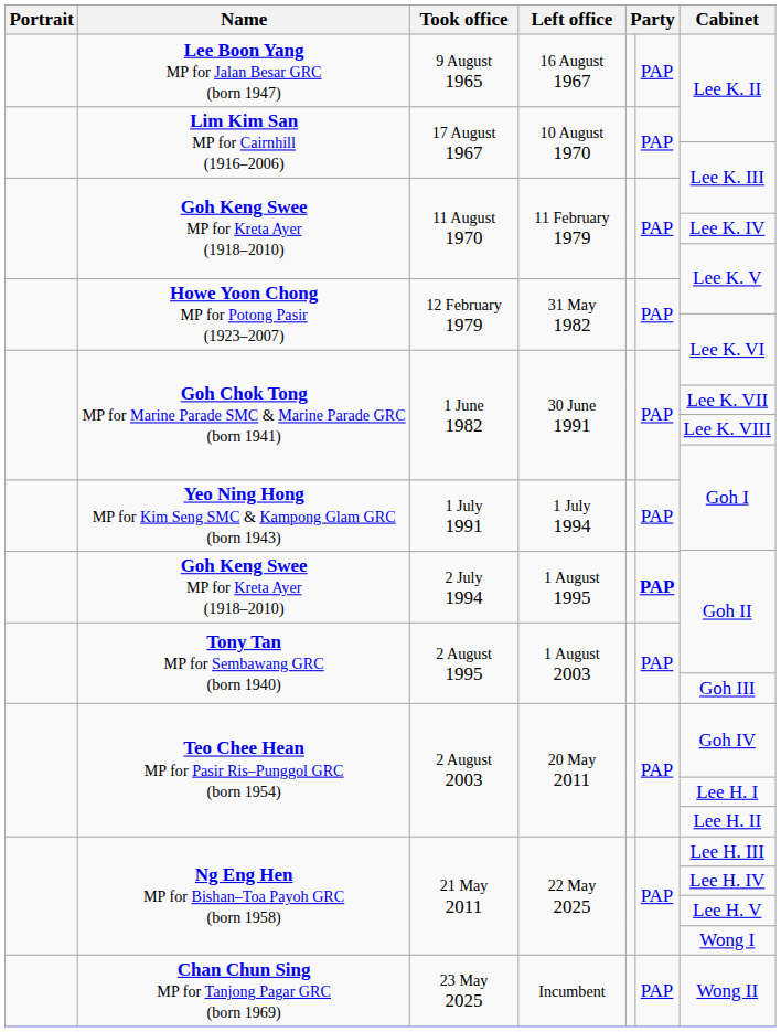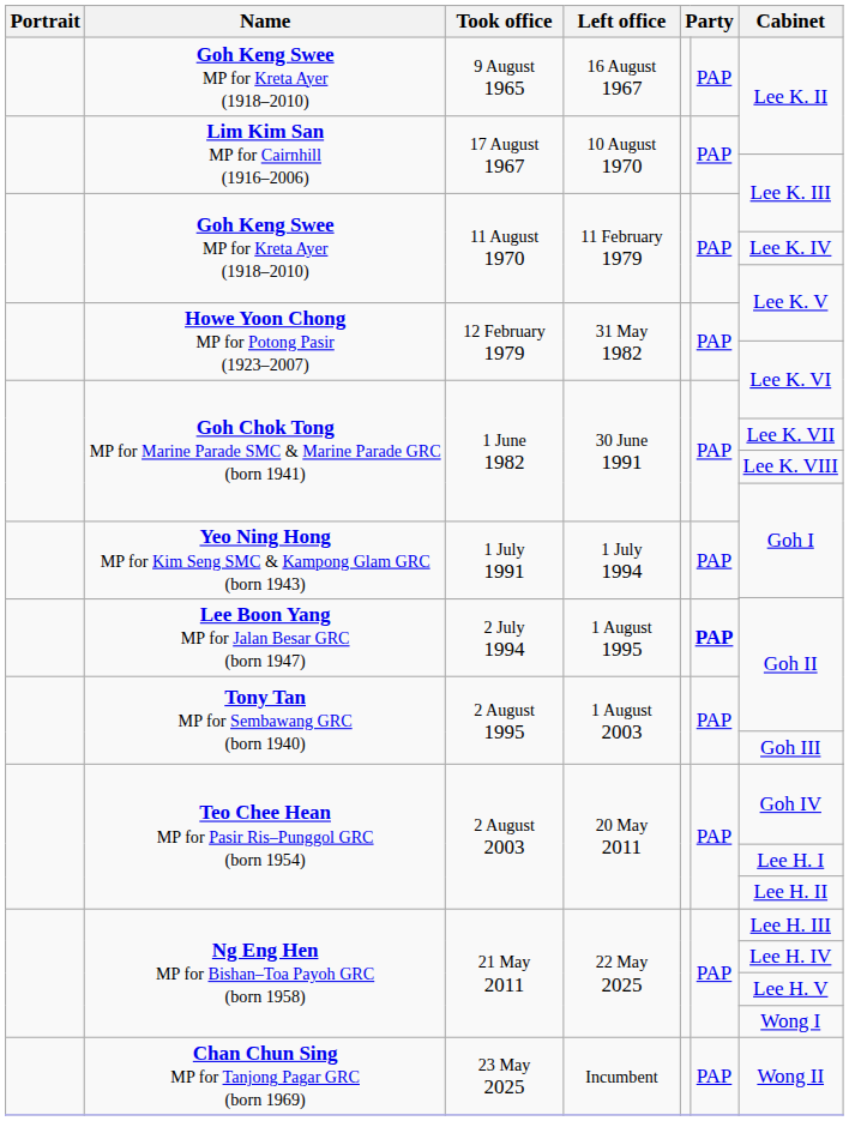 <table class="wikitable" style="text-align:center; border:1px #aaf solid;">
 <tr>
 <th>Portrait</th>
 <th>Name<br></th>
 <th width="85">Took office</th>
 <th width="85">Left office</th>
 <th colspan="2">Party</th>
 <th>Cabinet</th>
 </tr>
 <tr>
 <td></td>
-<td><strong><a href='#'>Lee Boon Yang</a></strong><br><small>MP for <a href='#'>Jalan Besar GRC</a></small><br><small>(born 1947)</small></td>
+<td><strong><a href='#'>Goh Keng Swee</a></strong><br><small>MP for <a href='#'>Kreta Ayer</a></small><br><small>(1918–2010)</small></td>
 <td><small>9 August</small><br>1965</td>
 <td><small>16 August</small><br>1967</td>
 <td style="background:"></td>
 <td><a href='#'>PAP</a></td>
 <td rowspan="2"><a href='#'>Lee K. II</a></td>
 </tr>
 <tr style="height:30px;">
 <td rowspan="2"></td>
 <td rowspan="2"><strong><a href='#'>Lim Kim San</a></strong><br><small>MP for <a href='#'>Cairnhill</a></small><br><small>(1916–2006)</small></td>
 <td rowspan="2"><small>17 August</small><br>1967</td>
 <td rowspan="2"><small>10 August</small><br>1970</td>
 <td rowspan="2" style="background:"></td>
 <td rowspan="2"><a href='#'>PAP</a></td>
 </tr>
 <tr>
 <td rowspan="2"><a href='#'>Lee K. III</a></td>
 </tr>
 <tr style="height:30px;">
 <td rowspan="3"></td>
 <td rowspan="3"><strong><a href='#'>Goh Keng Swee</a></strong><br><small>MP for <a href='#'>Kreta Ayer</a></small><br><small>(1918–2010)</small></td>
 <td rowspan="3"><small>11 August</small><br>1970</td>
 <td rowspan="3"><small>11 February</small><br>1979</td>
 <td rowspan="3" style="background:"></td>
 <td rowspan="3"><a href='#'>PAP</a></td>
 </tr>
 <tr>
 <td><a href='#'>Lee K. IV</a></td>
 </tr>
 <tr style="height:30px;">
 <td rowspan="2"><a href='#'>Lee K. V</a></td>
 </tr>
 <tr style="height:30px;">
 <td rowspan="2"></td>
 <td rowspan="2"><strong><a href='#'>Howe Yoon Chong</a></strong><br><small>MP for <a href='#'>Potong Pasir</a></small><br><small>(1923–2007)</small></td>
 <td rowspan="2"><small>12 February</small><br>1979</td>
 <td rowspan="2"><small>31 May</small><br>1982</td>
 <td rowspan="2" style="background:"></td>
 <td rowspan="2"><a href='#'>PAP</a></td>
 </tr>
 <tr style="height:30px;">
 <td rowspan="2"><a href='#'>Lee K. VI</a></td>
 </tr>
 <tr style="height:30px;">
 <td rowspan="4"></td>
 <td rowspan="4"><strong><a href='#'>Goh Chok Tong</a></strong><br><small>MP for <a href='#'>Marine Parade SMC</a> & <a href='#'>Marine Parade GRC</a></small><br><small>(born 1941)</small></td>
 <td rowspan="4"><small>1 June</small><br>1982</td>
 <td rowspan="4"><small>30 June</small><br>1991</td>
 <td rowspan="4" style="background:"></td>
 <td rowspan="4"><a href='#'>PAP</a></td>
 </tr>
 <tr>
 <td><a href='#'>Lee K. VII</a></td>
 </tr>
 <tr>
 <td><a href='#'>Lee K. VIII</a></td>
 </tr>
 <tr style="height:30px;">
 <td rowspan="2"><a href='#'>Goh I</a></td>
 </tr>
 <tr style="height:60px;">
 <td rowspan="2"></td>
 <td rowspan="2"><strong><a href='#'>Yeo Ning Hong</a></strong><br><small>MP for <a href='#'>Kim Seng SMC</a> & <a href='#'>Kampong Glam GRC</a></small><br><small>(born 1943)</small></td>
 <td rowspan="2"><small>1 July</small><br>1991</td>
 <td rowspan="2"><small>1 July</small><br>1994</td>
 <td rowspan="2" style="background:"></td>
 <td rowspan="2"><a href='#'>PAP</a></td>
 </tr>
 <tr>
 <td rowspan="3"><a href='#'>Goh II</a></td>
 </tr>
 <tr>
 <td></td>
-<td><strong><a href='#'>Goh Keng Swee</a></strong><br><small>MP for <a href='#'>Kreta Ayer</a></small><br><small>(1918–2010)</small></td>
+<td><strong><a href='#'>Lee Boon Yang</a></strong><br><small>MP for <a href='#'>Jalan Besar GRC</a></small><br><small>(born 1947)</small></td>
 <td><small>2 July</small><br>1994</td>
 <td><small>1 August</small><br>1995</td>
 <td style="background:"></td>
 <td><strong><a href='#'>PAP</a></strong></td>
 </tr>
 <tr style="height:43px;">
 <td rowspan="3"></td>
 <td rowspan="3"><strong><a href='#'>Tony Tan</a></strong><br><small>MP for <a href='#'>Sembawang GRC</a></small><br><small>(born 1940)</small></td>
 <td rowspan="3"><small>2 August</small><br>1995</td>
 <td rowspan="3"><small>1 August</small><br>2003</td>
 <td rowspan="3" style="background:"></td>
 <td rowspan="3"><a href='#'>PAP</a></td>
 </tr>
 <tr>
 <td><a href='#'>Goh III</a></td>
 </tr>
 <tr>
 <td rowspan="2"><a href='#'>Goh IV</a></td>
 </tr>
 <tr style="height:63px;">
 <td rowspan="3"></td>
 <td rowspan="3"><strong><a href='#'>Teo Chee Hean</a></strong><br><small>MP for <a href='#'>Pasir Ris–Punggol GRC</a></small><br><small>(born 1954)</small></td>
 <td rowspan="3"><small>2 August</small><br>2003</td>
 <td rowspan="3"><small>20 May</small><br>2011</td>
 <td rowspan="3" style="background:"></td>
 <td rowspan="3"><a href='#'>PAP</a></td>
 </tr>
 <tr>
 <td><a href='#'>Lee H. I</a></td>
 </tr>
 <tr>
 <td><a href='#'>Lee H. II</a></td>
 </tr>
 <tr>
 <td rowspan="4"></td>
 <td rowspan="4"><strong><a href='#'>Ng Eng Hen</a></strong><br><small>MP for <a href='#'>Bishan–Toa Payoh GRC</a></small><br><small>(born 1958)</small></td>
 <td rowspan="4"><small>21 May</small><br>2011</td>
 <td rowspan="4"><small>22 May</small><br>2025</td>
 <td rowspan="4" style="background:"></td>
 <td rowspan="4"><a href='#'>PAP</a></td>
 <td><a href='#'>Lee H. III</a></td>
 </tr>
 <tr>
 <td><a href='#'>Lee H. IV</a></td>
 </tr>
 <tr>
 <td><a href='#'>Lee H. V</a></td>
 </tr>
 <tr>
 <td><a href='#'>Wong I</a></td>
 </tr>
 <tr>
 <td rowspan="4"></td>
 <td rowspan="4"><strong><a href='#'>Chan Chun Sing</a></strong><br><small>MP for <a href='#'>Tanjong Pagar GRC</a></small><br><small>(born 1969)</small></td>
 <td rowspan="4"><small>23 May</small><br>2025</td>
 <td rowspan="4"><small>Incumbent</small></td>
 <td rowspan="4" style="background:"></td>
 <td rowspan="4"><a href='#'>PAP</a></td>
 <td><a href='#'>Wong II</a></td>
 </tr>
 <tr>
 </tr>
 <tr>
 </tr>
 <tr>
 </tr>
 <tr>
 </tr>
 <tr>
 </tr>
 <tr>
 </tr>
 </table>
